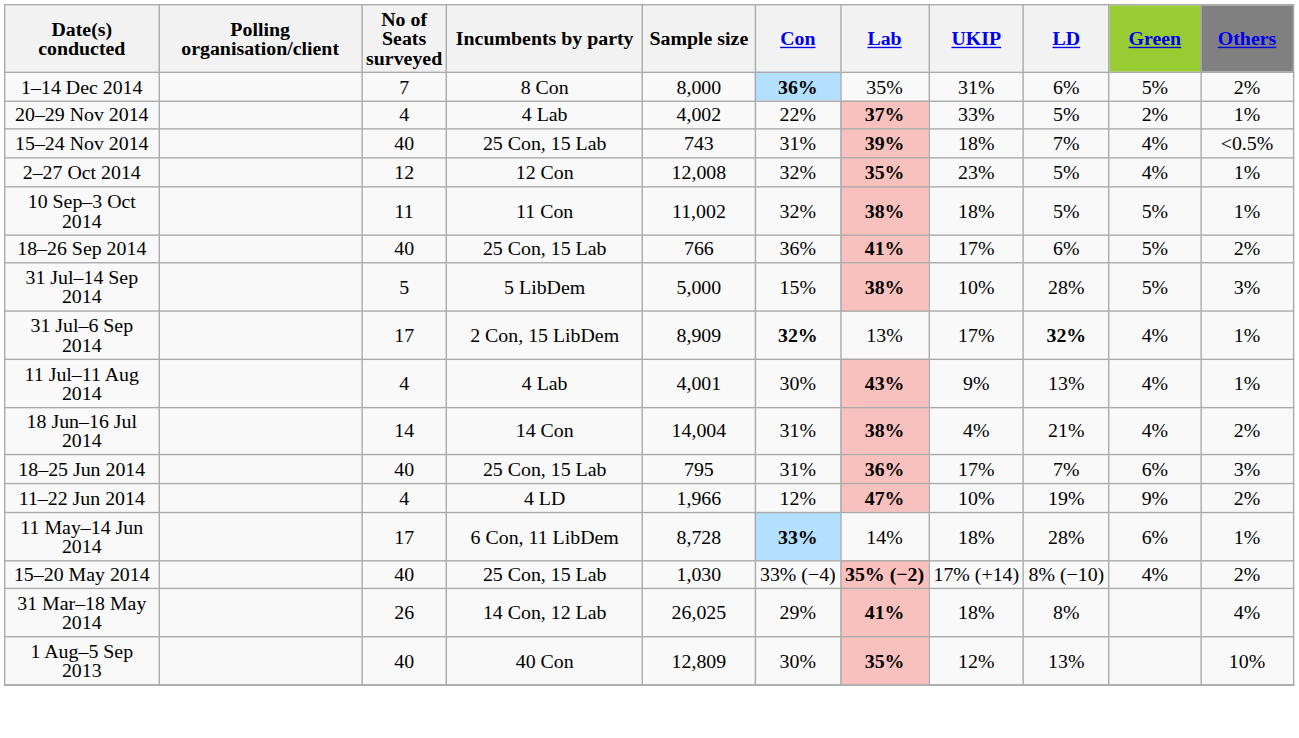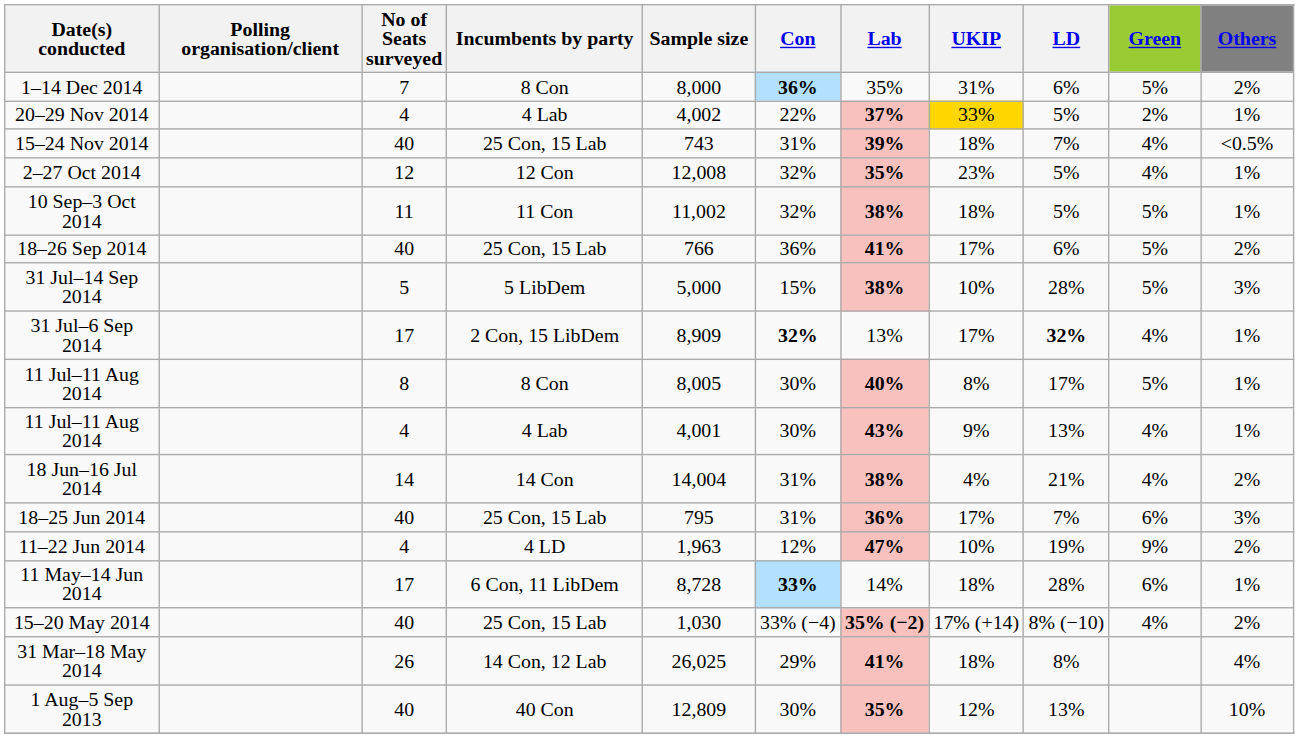 <table class="wikitable sortable" style="text-align:center;font-size:90%;line-height:14px">
 <tr>
 <th style="width:105px;" !>Date(s)<br>conducted</th>
 <th style="width:140px;">Polling organisation/client</th>
 <th style="width:40px;">No of Seats<br>surveyed</th>
 <th style="width:135px;">Incumbents by party</th>
 <th class="unsortable" style="width:75px;">Sample size</th>
 <th class="unsortable" style="background:"><a href='#'><span>Con</span></a></th>
 <th class="unsortable" style="background:"><a href='#'><span>Lab</span></a></th>
 <th class="unsortable" style="background:"><a href='#'><span>UKIP</span></a></th>
 <th class="unsortable" style="background:"><a href='#'><span>LD</span></a></th>
 <th class="unsortable" style="background:#99CC33; width:60px;"><a href='#'><span>Green</span></a></th>
 <th class="unsortable" style="background:gray; width:60px;"><a href='#'><span>Others</span></a></th>
 </tr>
 <tr>
 <td>1–14 Dec 2014</td>
 <td></td>
 <td>7</td>
 <td>8 Con</td>
 <td>8,000</td>
 <td style="background:#B3E0FF"><strong>36% </strong></td>
 <td>35%</td>
 <td>31%</td>
 <td>6%</td>
 <td>5%</td>
 <td>2%</td>
 </tr>
 <tr>
 <td>20–29 Nov 2014</td>
 <td></td>
 <td>4</td>
 <td>4 Lab</td>
 <td>4,002</td>
 <td>22%</td>
 <td style="background:#F8C1BE"><strong>37% </strong></td>
-<td>33%</td>
+<td style="background: gold;">33%</td>
 <td>5%</td>
 <td>2%</td>
 <td>1%</td>
 </tr>
 <tr>
 <td>15–24 Nov 2014</td>
 <td></td>
 <td>40</td>
 <td>25 Con, 15 Lab</td>
 <td>743</td>
 <td>31%</td>
 <td style="background:#F8C1BE"><strong>39% </strong></td>
 <td>18%</td>
 <td>7%</td>
 <td>4%</td>
 <td><0.5%</td>
 </tr>
 <tr>
 <td>2–27 Oct 2014</td>
 <td></td>
 <td>12</td>
 <td>12 Con</td>
 <td>12,008</td>
 <td>32%</td>
 <td style="background:#F8C1BE"><strong>35% </strong></td>
 <td>23%</td>
 <td>5%</td>
 <td>4%</td>
 <td>1%</td>
 </tr>
 <tr>
 <td>10 Sep–3 Oct 2014</td>
 <td></td>
 <td>11</td>
 <td>11 Con</td>
 <td>11,002</td>
 <td>32%</td>
 <td style="background:#F8C1BE"><strong>38% </strong></td>
 <td>18%</td>
 <td>5%</td>
 <td>5%</td>
 <td>1%</td>
 </tr>
 <tr>
 <td>18–26 Sep 2014</td>
 <td></td>
 <td>40</td>
 <td>25 Con, 15 Lab</td>
 <td>766</td>
 <td>36%</td>
 <td style="background:#F8C1BE"><strong>41% </strong></td>
 <td>17%</td>
 <td>6%</td>
 <td>5%</td>
 <td>2%</td>
 </tr>
 <tr>
 <td>31 Jul–14 Sep 2014</td>
 <td></td>
 <td>5</td>
 <td>5 LibDem</td>
 <td>5,000</td>
 <td>15%</td>
 <td style="background:#F8C1BE"><strong>38% </strong></td>
 <td>10%</td>
 <td>28%</td>
 <td>5%</td>
 <td>3%</td>
 </tr>
 <tr>
 <td>31 Jul–6 Sep 2014</td>
 <td></td>
 <td>17</td>
 <td>2 Con, 15 LibDem</td>
 <td>8,909</td>
 <td><strong>32%</strong></td>
 <td>13%</td>
 <td>17%</td>
 <td><strong>32%</strong></td>
 <td>4%</td>
 <td>1%</td>
 </tr>
 <tr>
 <td>11 Jul–11 Aug 2014</td>
 <td></td>
+<td>8</td>
+<td>8 Con</td>
+<td>8,005</td>
+<td>30%</td>
+<td style="background:#F8C1BE"><strong>40% </strong></td>
+<td>8%</td>
+<td>17%</td>
+<td>5%</td>
+<td>1%</td>
+</tr>
+<tr>
+<td>11 Jul–11 Aug 2014</td>
+<td></td>
 <td>4</td>
 <td>4 Lab</td>
 <td>4,001</td>
 <td>30%</td>
 <td style="background:#F8C1BE"><strong>43% </strong></td>
 <td>9%</td>
 <td>13%</td>
 <td>4%</td>
 <td>1%</td>
 </tr>
 <tr>
 <td>18 Jun–16 Jul 2014</td>
 <td></td>
 <td>14</td>
 <td>14 Con</td>
 <td>14,004</td>
 <td>31%</td>
 <td style="background:#F8C1BE"><strong>38% </strong></td>
 <td>4%</td>
 <td>21%</td>
 <td>4%</td>
 <td>2%</td>
 </tr>
 <tr>
 <td>18–25 Jun 2014</td>
 <td></td>
 <td>40</td>
 <td>25 Con, 15 Lab</td>
 <td>795</td>
 <td>31%</td>
 <td style="background:#F8C1BE"><strong>36% </strong></td>
 <td>17%</td>
 <td>7%</td>
 <td>6%</td>
 <td>3%</td>
 </tr>
 <tr>
 <td>11–22 Jun 2014</td>
 <td></td>
 <td>4</td>
 <td>4 LD</td>
-<td>1,966</td>
+<td>1,963</td>
 <td>12%</td>
 <td style="background:#F8C1BE"><strong>47% </strong></td>
 <td>10%</td>
 <td>19%</td>
 <td>9%</td>
 <td>2%</td>
 </tr>
 <tr>
 <td>11 May–14 Jun 2014</td>
 <td></td>
 <td>17</td>
 <td>6 Con, 11 LibDem</td>
 <td>8,728</td>
 <td style="background:#B3E0FF"><strong>33%</strong></td>
 <td>14%</td>
 <td>18%</td>
 <td>28%</td>
 <td>6%</td>
 <td>1%</td>
 </tr>
 <tr>
 <td>15–20 May 2014</td>
 <td></td>
 <td>40</td>
 <td>25 Con, 15 Lab</td>
 <td>1,030</td>
 <td>33% (−4)</td>
 <td style="background:#F8C1BE"><strong>35% (−2) </strong></td>
 <td>17% (+14)</td>
 <td>8% (−10)</td>
 <td>4%</td>
 <td>2%</td>
 </tr>
 <tr>
 <td>31 Mar–18 May 2014</td>
 <td></td>
 <td>26</td>
 <td>14 Con, 12 Lab</td>
 <td>26,025</td>
 <td>29%</td>
 <td style="background:#F8C1BE"><strong>41% </strong></td>
 <td>18%</td>
 <td>8%</td>
 <td></td>
 <td>4%</td>
 </tr>
 <tr>
 <td>1 Aug–5 Sep 2013</td>
 <td></td>
 <td>40</td>
 <td>40 Con</td>
 <td>12,809</td>
 <td>30%</td>
 <td style="background:#F8C1BE"><strong>35% </strong></td>
 <td>12%</td>
 <td>13%</td>
 <td></td>
 <td>10%</td>
 </tr>
 <tr>
 </tr>
 </table>
